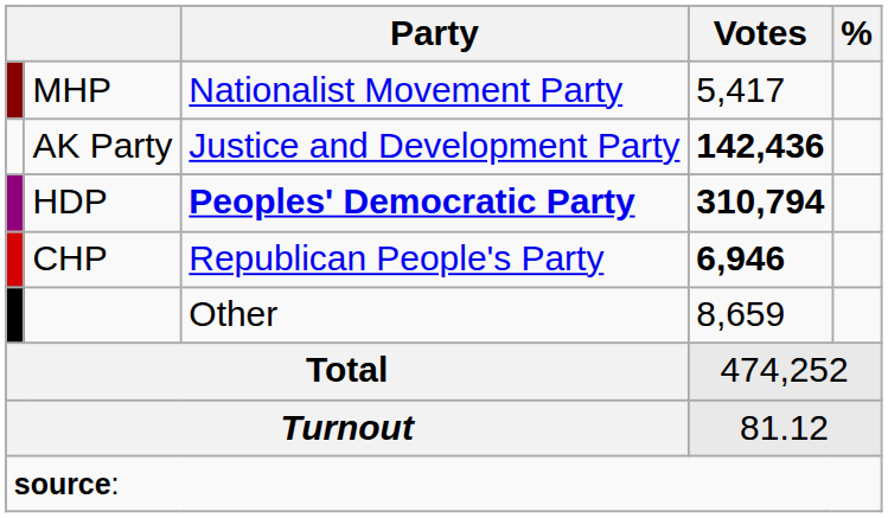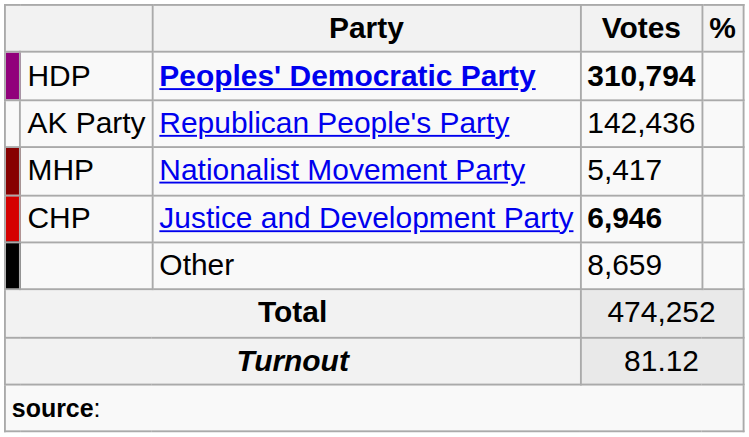 <table class="wikitable">
 <tr>
 <th colspan="2" align="center"></th>
 <th align="center">Party</th>
 <th align="center">Votes</th>
 <th align="center">%</th>
+</tr>
+<tr align="left">
+<td bgcolor="#91007B" width="1"></td>
+<td>HDP</td>
+<td><strong><a href='#'>Peoples' Democratic Party</a></strong></td>
+<td><strong>310,794</strong></td>
+<td><strong></strong></td>
+</tr>
+<tr align="left">
+<td></td>
+<td>AK Party</td>
+<td><a href='#'>Republican People's Party</a></td>
+<td>142,436</td>
+<td></td>
 </tr>
 <tr align="left">
 <td bgcolor="#870000" width="1"></td>
 <td>MHP</td>
 <td><a href='#'>Nationalist Movement Party</a></td>
 <td>5,417</td>
 <td></td>
 </tr>
 <tr align="left">
-<td></td>
-<td>AK Party</td>
-<td><a href='#'>Justice and Development Party</a></td>
-<td><strong>142,436</strong></td>
-<td></td>
-</tr>
-<tr align="left">
-<td bgcolor="#91007B" width="1"></td>
-<td>HDP</td>
-<td><strong><a href='#'>Peoples' Democratic Party</a></strong></td>
-<td><strong>310,794</strong></td>
-<td><strong></strong></td>
-</tr>
-<tr align="left">
 <td bgcolor="#d50000" width="1"></td>
 <td>CHP</td>
-<td><a href='#'>Republican People's Party</a></td>
+<td><a href='#'>Justice and Development Party</a></td>
 <td><strong>6,946</strong></td>
 <td></td>
 </tr>
 <tr align="left">
 <td bgcolor=" " width="1"></td>
 <td></td>
 <td>Other</td>
 <td>8,659</td>
 <td></td>
 </tr>
 <tr align="left" style="background-color:#E9E9E9">
 <th colspan="3" align="center"><strong>Total</strong></th>
 <td colspan="2" align="center">474,252</td>
 </tr>
 <tr align="left" style="background-color:#E9E9E9">
 <th colspan="3" align="center"><em>Turnout</em></th>
 <td colspan="2" align="center">81.12</td>
 </tr>
 <tr>
 <td colspan="5" align="left"><small><strong>source</strong>: </small></td>
 </tr>
 </table>
